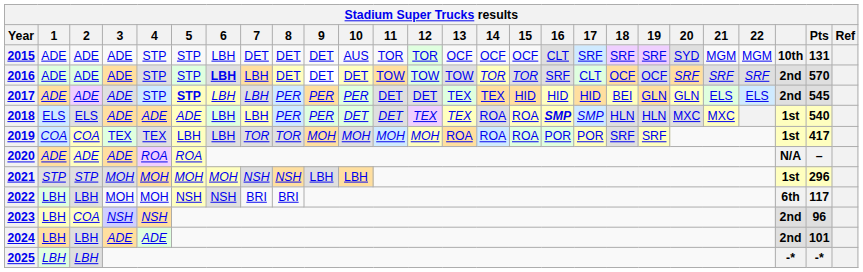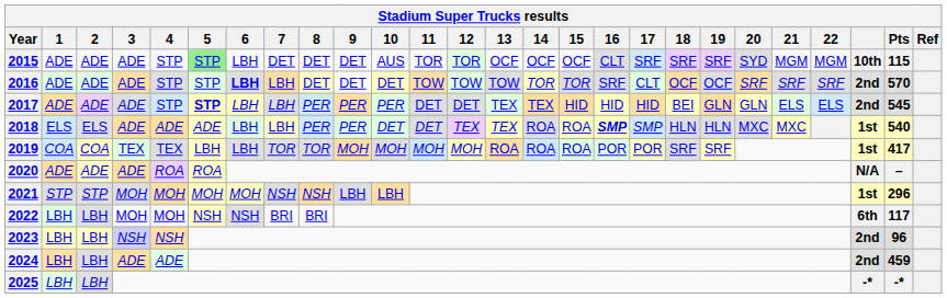 <table class="wikitable" style="text-align:center; font-size:80%">
 <tr>
 <th colspan=45><a href='#'>Stadium Super Trucks</a> results</th>
 </tr>
 <tr>
 <th>Year</th>
 <th>1</th>
 <th>2</th>
 <th>3</th>
 <th>4</th>
 <th>5</th>
 <th>6</th>
 <th>7</th>
 <th>8</th>
 <th>9</th>
 <th>10</th>
 <th>11</th>
 <th>12</th>
 <th>13</th>
 <th>14</th>
 <th>15</th>
 <th>16</th>
 <th>17</th>
 <th>18</th>
 <th>19</th>
 <th>20</th>
 <th>21</th>
 <th>22</th>
 <th></th>
 <th>Pts</th>
 <th>Ref</th>
 </tr>
 <tr>
 <th><a href='#'>2015</a></th>
 <td><a href='#'>ADE</a></td>
 <td><a href='#'>ADE</a></td>
 <td><a href='#'>ADE</a></td>
 <td><a href='#'>STP</a></td>
-<td><a href='#'>STP</a></td>
+<td style="background: lightgreen;"><a href='#'>STP</a></td>
 <td><a href='#'>LBH</a></td>
 <td><a href='#'>DET</a></td>
 <td><a href='#'>DET</a></td>
 <td><a href='#'>DET</a></td>
 <td><a href='#'>AUS</a></td>
 <td style=ackground:#CFEAFF><a href='#'>TOR</a><br></td>
 <td style="background:#DFFFDF"><a href='#'>TOR</a><br></td>
 <td><a href='#'>OCF</a></td>
 <td><a href='#'>OCF</a></td>
 <td><a href='#'>OCF</a></td>
 <td style=background:#DFDFDF><a href='#'>CLT</a><br></td>
 <td style=background:#CFEAFF><a href='#'>SRF</a><br></td>
 <td style=background:#EFCFFF><a href='#'>SRF</a><br></td>
 <td style=background:#EFCFFF><a href='#'>SRF</a><br></td>
 <td style=background:#DFDFDF><a href='#'>SYD</a><br></td>
 <td><a href='#'>MGM</a></td>
 <td><a href='#'>MGM</a></td>
 <th>10th</th>
-<th>131</th>
+<th>115</th>
 <th></th>
 </tr>
 <tr>
 <th><a href='#'>2016</a></th>
 <td style=background:#DFFFDF><a href='#'>ADE</a><br></td>
 <td style=background:#DFFFDF><a href='#'>ADE</a><br></td>
 <td style=background:#FFDF9F><a href='#'>ADE</a><br></td>
 <td style=background:#DFDFDF><a href='#'>STP</a><br></td>
 <td style=background:#DFFFDF><a href='#'>STP</a><br></td>
 <td style=background:#DFDFDF><strong><a href='#'>LBH</a></strong><br></td>
 <td style=background:#FFDF9F><a href='#'>LBH</a><br></td>
 <td style=background:#FFFFBF><a href='#'>DET</a><br></td>
 <td style=background:#FFFFFF><a href='#'>DET</a><br></td>
 <td style=background:#FFFFBF><a href='#'>DET</a><br></td>
 <td style=background:#FFDF9F><a href='#'>TOW</a><br></td>
 <td style=background:#DFFFDF><a href='#'>TOW</a><br></td>
 <td style=background:#DFDFDF><a href='#'>TOW</a><br></td>
 <td style=background:#FFFFBF><em><a href='#'>TOR</a></em><br></td>
 <td style=background:#DFDFDF><em><a href='#'>TOR</a></em><br></td>
 <td style=background:#DFDFDF><a href='#'>SRF</a><br></td>
 <td style=background:#DFFFDF><a href='#'>CLT</a><br></td>
 <td style=background:#FFDF9F><a href='#'>OCF</a><br></td>
 <td style=background:#DFDFDF><a href='#'>OCF</a><br></td>
 <td style=background:#FFDF9F><em><a href='#'>SRF</a></em><br></td>
 <td style=background:#DFDFDF><em><a href='#'>SRF</a></em><br></td>
 <td style=background:#DFDFDF><em><a href='#'>SRF</a></em><br></td>
 <th style=background:#DFDFDF>2nd</th>
 <th style=background:#DFDFDF>570</th>
 <th></th>
 </tr>
 <tr>
 <th><a href='#'>2017</a></th>
 <td style=background:#FFDF9F><em><a href='#'>ADE</a></em><br></td>
 <td style=background:#EFCFFF><em><a href='#'>ADE</a></em><br></td>
 <td style=background:#DFDFDF><em><a href='#'>ADE</a></em><br></td>
 <td style=background:#CFEAFF><a href='#'>STP</a><br></td>
 <td style=background:#FFFFBF><strong><a href='#'>STP</a></strong><br></td>
 <td style=background:#FFFFBF><em><a href='#'>LBH</a></em><br></td>
 <td style=background:#DFDFDF><em><a href='#'>LBH</a></em><br></td>
 <td style=background:#CFEAFF><em><a href='#'>PER</a></em><br></td>
 <td style=background:#FFDF9F><em><a href='#'>PER</a></em><br></td>
 <td style=background:#DFFFDF><em><a href='#'>PER</a></em><br></td>
 <td style=background:#DFDFDF><a href='#'>DET</a><br></td>
 <td style=background:#DFDFDF><a href='#'>DET</a><br></td>
 <td style=background:#DFFFDF><a href='#'>TEX</a><br></td>
 <td style=background:#FFDF9F><a href='#'>TEX</a><br></td>
 <td style=background:#FFDF9F><a href='#'>HID</a><br></td>
 <td style=background:#FFFFBF><a href='#'>HID</a><br></td>
 <td style=background:#FFDF9F><a href='#'>HID</a><br></td>
 <td style=background:#FFFFBF><a href='#'>BEI</a><br></td>
 <td style=background:#FFDF9F><a href='#'>GLN</a><br></td>
 <td style=background:#FFFFBF><a href='#'>GLN</a><br></td>
 <td style=background:#DFFFDF><a href='#'>ELS</a><br></td>
 <td style=background:#CFEAFF><a href='#'>ELS</a><br></td>
 <th style=background:#DFDFDF>2nd</th>
 <th style=background:#DFDFDF>545</th>
 <th></th>
 </tr>
 <tr>
 <th><a href='#'>2018</a></th>
 <td style=background:#CFEAFF><a href='#'>ELS</a><br></td>
 <td style=background:#DFDFDF><a href='#'>ELS</a><br></td>
 <td style=background:#FFDF9F><em><a href='#'>ADE</a></em><br></td>
 <td style=background:#FFDF9F><em><a href='#'>ADE</a></em><br></td>
 <td style=background:#FFFFBF><em><a href='#'>ADE</a></em><br></td>
 <td style=background:#DFFFDF><a href='#'>LBH</a><br></td>
 <td style=background:#FFFFBF><a href='#'>LBH</a><br></td>
 <td style=background:#CFEAFF><em><a href='#'>PER</a></em><br></td>
 <td style=background:#DFFFDF><em><a href='#'>PER</a></em><br></td>
 <td style=background:#DFFFDF><em><a href='#'>DET</a></em><br></td>
 <td style=background:#DFDFDF><em><a href='#'>DET</a></em><br></td>
 <td style=background:#EFCFFF><em><a href='#'>TEX</a></em><br></td>
 <td style=background:#FFFFBF><em><a href='#'>TEX</a></em><br></td>
 <td style=background:#DFDFDF><a href='#'>ROA</a><br></td>
 <td style=background:#FFFFBF><a href='#'>ROA</a><br></td>
 <td style=background:#FFFFBF><strong><em><a href='#'>SMP</a></em></strong><br></td>
 <td style=background:#CFEAFF><em><a href='#'>SMP</a></em><br></td>
 <td style=background:#DFDFDF><a href='#'>HLN</a><br></td>
 <td style=background:#DFDFDF><a href='#'>HLN</a><br></td>
 <td style=background:#DFDFDF><a href='#'>MXC</a><br></td>
 <td style=background:#FFFFBF><a href='#'>MXC</a><br></td>
 <th></th>
 <th style=background:#FFFFBF>1st</th>
 <th style=background:#FFFFBF>540</th>
 <th></th>
 </tr>
 <tr>
 <th><a href='#'>2019</a></th>
 <td style=background:#CFEAFF><em><a href='#'>COA</a></em><br></td>
 <td style=background:#FFFFBF><em><a href='#'>COA</a></em><br></td>
 <td style=background:#DFFFDF><a href='#'>TEX</a><br></td>
 <td style=background:#DFDFDF><a href='#'>TEX</a><br></td>
 <td style=background:#FFFFBF><a href='#'>LBH</a><br></td>
 <td style=background:#DFDFDF><a href='#'>LBH</a><br></td>
 <td style=background:#DFDFDF><em><a href='#'>TOR</a></em><br></td>
 <td style=background:#DFDFDF><em><a href='#'>TOR</a></em><br></td>
 <td style=background:#FFDF9F><em><a href='#'>MOH</a></em><br></td>
 <td style=background:#DFDFDF><em><a href='#'>MOH</a></em><br></td>
 <td style=background:#CFEAFF><em><a href='#'>MOH</a></em><br></td>
 <td style=background:#FFFFBF><em><a href='#'>MOH</a></em><br></td>
 <td style=background:#FFDF9F><a href='#'>ROA</a><br></td>
 <td style=background:#CFEAFF><a href='#'>ROA</a><br></td>
 <td style=background:#DFFFDF><a href='#'>ROA</a><br></td>
 <td style=background:#DFFFDF><a href='#'>POR</a><br></td>
 <td style=background:#FFFFBF><a href='#'>POR</a><br></td>
 <td style=background:#DFDFDF><a href='#'>SRF</a><br></td>
 <td style=background:#FFFFBF><a href='#'>SRF</a><br></td>
 <td colspan=3></td>
 <th style=background:#FFFFBF>1st</th>
 <th style=background:#FFFFBF>417</th>
 <th></th>
 </tr>
 <tr>
 <th><a href='#'>2020</a></th>
 <td style=background:#FFDF9F><em><a href='#'>ADE</a></em><br></td>
 <td style=background:#FFFFBF><em><a href='#'>ADE</a></em><br></td>
 <td style=background:#FFDF9F><em><a href='#'>ADE</a></em><br></td>
 <td style=background:#EFCFFF><em><a href='#'>ROA</a></em><br></td>
 <td style=background:#FFFFBF><em><a href='#'>ROA</a></em><br></td>
 <td colspan=17></td>
 <th>N/A</th>
 <th>–</th>
 <th></th>
 </tr>
 <tr>
 <th><a href='#'>2021</a></th>
 <td style=background:#DFDFDF><em><a href='#'>STP</a></em><br></td>
 <td style=background:#DFDFDF><em><a href='#'>STP</a></em><br></td>
 <td style=background:#DFDFDF><em><a href='#'>MOH</a></em><br></td>
 <td style=background:#FFDF9F><em><a href='#'>MOH</a></em><br></td>
 <td style=background:#FFFFBF><em><a href='#'>MOH</a></em><br></td>
 <td style=background:#FFFFBF><em><a href='#'>MOH</a></em><br></td>
 <td style=background:#DFDFDF><em><a href='#'>NSH</a></em><br></td>
 <td style=background:#FFDF9F><em><a href='#'>NSH</a></em><br></td>
 <td style=background:#DFDFDF><a href='#'>LBH</a><br></td>
 <td style=background:#FFDF9F><a href='#'>LBH</a><br></td>
 <td colspan=12></td>
 <th style=background:#FFFFBF>1st</th>
 <th style=background:#FFFFBF>296</th>
 <th></th>
 </tr>
 <tr>
 <th><a href='#'>2022</a></th>
 <td style=background:#DFFFDF><a href='#'>LBH</a><br></td>
 <td style=background:#DFDFDF><a href='#'>LBH</a><br></td>
 <td><a href='#'>MOH</a></td>
 <td><a href='#'>MOH</a></td>
 <td style=background:#FFFFBF><a href='#'>NSH</a><br></td>
 <td style=background:#DFDFDF><a href='#'>NSH</a><br></td>
 <td><a href='#'>BRI</a></td>
 <td><a href='#'>BRI</a></td>
 <td colspan=14></td>
 <th>6th</th>
 <th>117</th>
 <th></th>
 </tr>
 <tr>
 <th><a href='#'>2023</a></th>
 <td style=background:#FFFFBF><a href='#'>LBH</a><br></td>
-<td style=background:#FFFFBF><em><a href='#'>COA</a></em><br></td>
+<td style=background:#FFFFBF><a href='#'>LBH</a><br></td>
 <td style=background:#CFCFFF><em><a href='#'>NSH</a></em><br></td>
 <td style=background:#FFDF9F><em><a href='#'>NSH</a></em><br></td>
 <td colspan=18></td>
 <th style=background:#DFDFDF>2nd</th>
 <th style=background:#DFDFDF>96</th>
 <th></th>
 </tr>
 <tr>
 <th><a href='#'>2024</a></th>
 <td style="background:#FFDF9F;"><a href='#'>LBH</a><br></td>
 <td style="background:#DFDFDF;"><a href='#'>LBH</a><br></td>
 <td style="background:#FFDF9F;"><em><a href='#'>ADE</a></em><br></td>
 <td style="background:#DFFFDF;"><em><a href='#'>ADE</a></em><br></td>
 <td colspan=18></td>
 <th style=background:#DFDFDF>2nd</th>
-<th style=background:#DFDFDF>101</th>
+<th style=background:#DFDFDF>459</th>
 <th></th>
 </tr>
 <tr>
 <th><a href='#'>2025</a></th>
 <td style="background:#DFFFDF;"><em><a href='#'>LBH</a></em><br></td>
 <td style="background:#DFDFDF;"><em><a href='#'>LBH</a></em><br></td>
 <td colspan=20></td>
 <th>-*</th>
 <th>-*</th>
 <th></th>
 </tr>
 </table>
